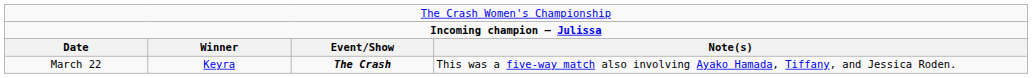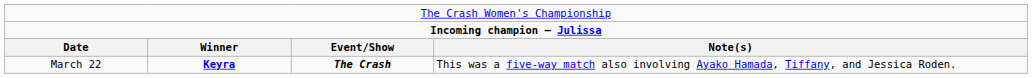 <table class="wikitable" style="text-align:center; width:100%;">
 <tr>
 <td colspan="4" style="text-align: center;"><a href='#'>The Crash Women's Championship</a></td>
 </tr>
 <tr>
 <td colspan="4" style="text-align: center;"><strong>Incoming champion – <a href='#'>Julissa</a></strong></td>
 </tr>
 <tr>
 <th width=14%>Date</th>
 <th width=14%>Winner</th>
 <th width=14%>Event/Show</th>
 <th width=58%>Note(s)</th>
 </tr>
 <tr>
 <td>March 22</td>
-<td><a href='#'>Keyra</a></td>
+<td><strong><a href='#'>Keyra</a></strong></td>
 <td><strong><em>The Crash</em></strong></td>
 <td align=left>This was a <a href='#'>five-way match</a> also involving <a href='#'>Ayako Hamada</a>, <a href='#'>Tiffany</a>, and Jessica Roden.</td>
 </tr>
 </table>
